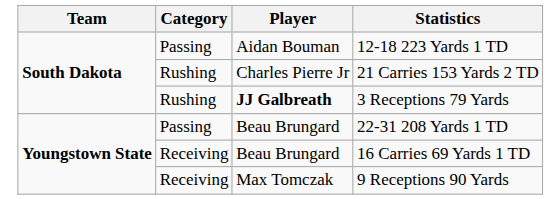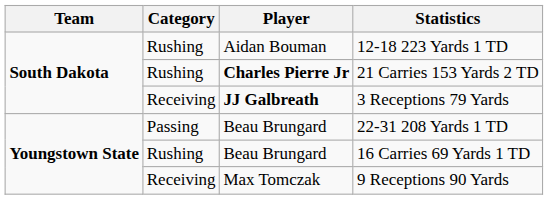 <table class="wikitable" style="float: right;">
 <tr>
 <th>Team</th>
 <th>Category</th>
 <th>Player</th>
 <th>Statistics</th>
 </tr>
 <tr>
 <td rowspan=3><strong>South Dakota</strong></td>
-<td>Passing</td>
+<td>Rushing</td>
 <td>Aidan Bouman</td>
 <td>12-18 223 Yards 1 TD</td>
 </tr>
 <tr>
 <td>Rushing</td>
-<td>Charles Pierre Jr</td>
+<td><strong>Charles Pierre Jr</strong></td>
 <td>21 Carries 153 Yards 2 TD</td>
 </tr>
 <tr>
-<td>Rushing</td>
+<td>Receiving</td>
 <td><strong>JJ Galbreath</strong></td>
 <td>3 Receptions 79 Yards</td>
 </tr>
 <tr>
 <td rowspan=3><strong>Youngstown State</strong></td>
 <td>Passing</td>
 <td>Beau Brungard</td>
 <td>22-31 208 Yards 1 TD</td>
 </tr>
 <tr>
-<td>Receiving</td>
+<td>Rushing</td>
 <td>Beau Brungard</td>
 <td>16 Carries 69 Yards 1 TD</td>
 </tr>
 <tr>
 <td>Receiving</td>
 <td>Max Tomczak</td>
 <td>9 Receptions 90 Yards</td>
 </tr>
 </table>
